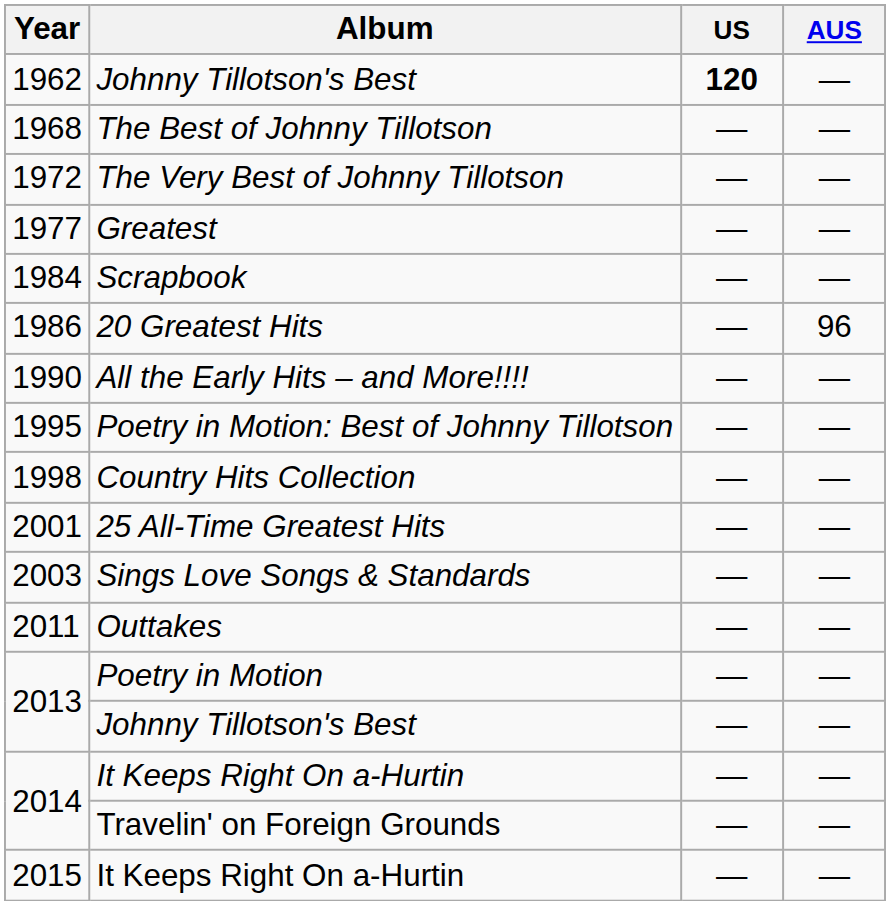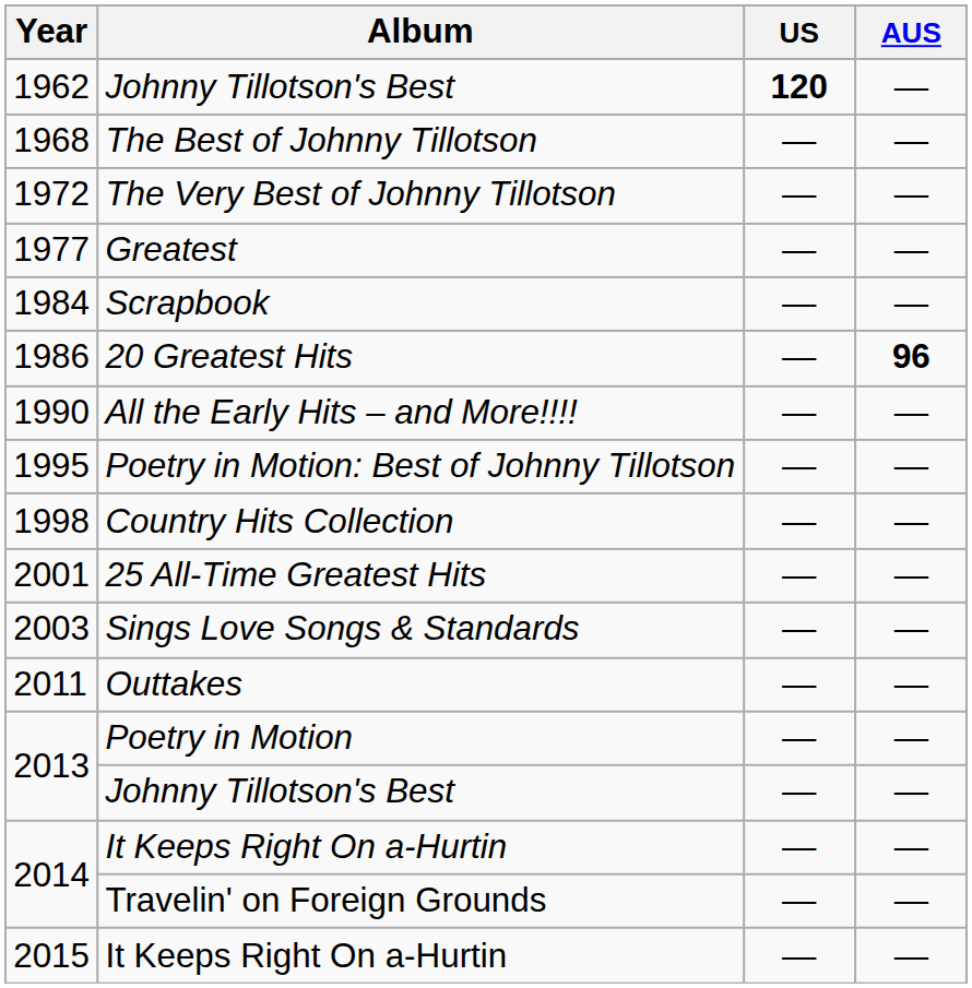 <table class="wikitable">
 <tr>
 <th>Year</th>
 <th>Album</th>
 <th style="width:45px;"><small>US</small></th>
 <th style="width:45px;"><small><a href='#'>AUS</a></small><br></th>
 </tr>
 <tr>
 <td>1962</td>
 <td><em>Johnny Tillotson's Best</em></td>
 <td style="text-align:center;"><strong>120</strong></td>
 <td style="text-align:center;">—</td>
 </tr>
 <tr>
 <td>1968</td>
 <td><em>The Best of Johnny Tillotson</em></td>
 <td style="text-align:center;">—</td>
 <td style="text-align:center;">—</td>
 </tr>
 <tr>
 <td>1972</td>
 <td><em>The Very Best of Johnny Tillotson</em></td>
 <td style="text-align:center;">—</td>
 <td style="text-align:center;">—</td>
 </tr>
 <tr>
 <td>1977</td>
 <td><em>Greatest</em></td>
 <td style="text-align:center;">—</td>
 <td style="text-align:center;">—</td>
 </tr>
 <tr>
 <td>1984</td>
 <td><em>Scrapbook</em></td>
 <td style="text-align:center;">—</td>
 <td style="text-align:center;">—</td>
 </tr>
 <tr>
 <td>1986</td>
 <td><em>20 Greatest Hits</em></td>
 <td style="text-align:center;">—</td>
-<td style="text-align:center;">96</td>
+<td style="text-align:center;"><strong>96</strong></td>
 </tr>
 <tr>
 <td>1990</td>
 <td><em>All the Early Hits – and More!!!!</em></td>
 <td style="text-align:center;">—</td>
 <td style="text-align:center;">—</td>
 </tr>
 <tr>
 <td>1995</td>
 <td><em>Poetry in Motion: Best of Johnny Tillotson</em></td>
 <td style="text-align:center;">—</td>
 <td style="text-align:center;">—</td>
 </tr>
 <tr>
 <td>1998</td>
 <td><em>Country Hits Collection</em></td>
 <td style="text-align:center;">—</td>
 <td style="text-align:center;">—</td>
 </tr>
 <tr>
 <td>2001</td>
 <td><em>25 All-Time Greatest Hits</em></td>
 <td style="text-align:center;">—</td>
 <td style="text-align:center;">—</td>
 </tr>
 <tr>
 <td>2003</td>
 <td><em>Sings Love Songs & Standards</em></td>
 <td style="text-align:center;">—</td>
 <td style="text-align:center;">—</td>
 </tr>
 <tr>
 <td>2011</td>
 <td><em>Outtakes</em></td>
 <td style="text-align:center;">—</td>
 <td style="text-align:center;">—</td>
 </tr>
 <tr>
 <td rowspan="2">2013</td>
 <td><em>Poetry in Motion</em></td>
 <td style="text-align:center;">—</td>
 <td style="text-align:center;">—</td>
 </tr>
 <tr>
 <td><em>Johnny Tillotson's Best</em></td>
 <td style="text-align:center;">—</td>
 <td style="text-align:center;">—</td>
 </tr>
 <tr>
 <td rowspan="2">2014</td>
 <td><em>It Keeps Right On a-Hurtin<strong></td>
 <td style="text-align:center;">—</td>
 <td style="text-align:center;">—</td>
 </tr>
 <tr>
 <td></em>Travelin' on Foreign Grounds<em></td>
 <td style="text-align:center;">—</td>
 <td style="text-align:center;">—</td>
 </tr>
 <tr>
 <td>2015</td>
 <td></em>It Keeps Right On a-Hurtin</strong></td>
 <td style="text-align:center;">—</td>
 <td style="text-align:center;">—</td>
 </tr>
 </table>
